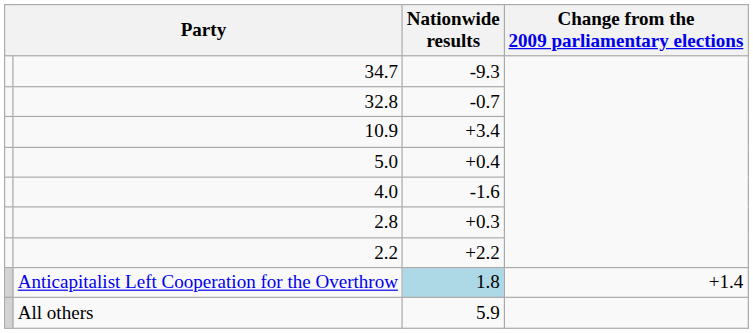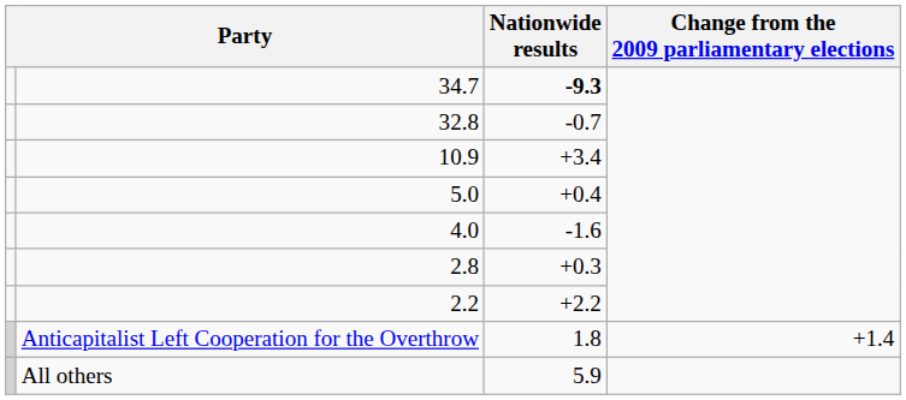 <table class="wikitable">
 <tr>
 <th colspan="2" rowspan="1">Party</th>
 <th colspan="1" rowspan="1">Nationwide<br>results</th>
 <th colspan="1" rowspan="1">Change from the<br><a href='#'>2009 parliamentary elections</a></th>
 </tr>
 <tr>
 <td></td>
 <td align="right">34.7</td>
-<td align="right">-9.3</td>
+<td align="right"><strong>-9.3</strong></td>
 </tr>
 <tr>
 <td></td>
 <td align="right">32.8</td>
 <td align="right">-0.7</td>
 </tr>
 <tr>
 <td></td>
 <td align="right">10.9</td>
 <td align="right">+3.4</td>
 </tr>
 <tr>
 <td></td>
 <td align="right">5.0</td>
 <td align="right">+0.4</td>
 </tr>
 <tr>
 <td></td>
 <td align="right">4.0</td>
 <td align="right">-1.6</td>
 </tr>
 <tr>
 <td></td>
 <td align="right">2.8</td>
 <td align="right">+0.3</td>
 </tr>
 <tr>
 <td></td>
 <td align="right">2.2</td>
 <td align="right">+2.2</td>
 </tr>
 <tr>
 <td bgcolor="#d3d3d3"></td>
 <td><a href='#'>Anticapitalist Left Cooperation for the Overthrow</a></td>
-<td align="right" style="background: lightblue;">1.8</td>
+<td align="right">1.8</td>
 <td align="right">+1.4</td>
 </tr>
 <tr>
 <td bgcolor="#d3d3d3"></td>
 <td>All others</td>
 <td align="right">5.9</td>
 <td align="right"></td>
 </tr>
 </table>
